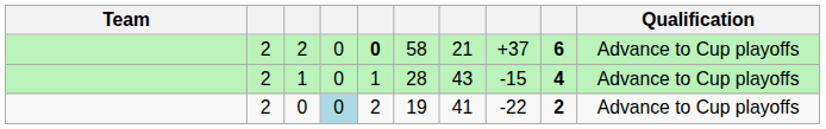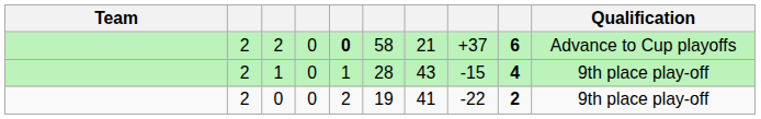 <table class="wikitable" style="text-align:center;">
 <tr>
 <th style="width:12.5em">Team</th>
 <th style="width:1.5em;"></th>
 <th style="width:1.5em;"></th>
 <th style="width:1.5em;"></th>
 <th style="width:1.5em;"></th>
 <th style="width:2.0em;"></th>
 <th style="width:2.0em;"></th>
 <th style="width:2.5em;"></th>
 <th style="width:1.5em;"></th>
 <th style="width:12.5em">Qualification</th>
 </tr>
 <tr bgcolor=#bbf3bb>
 <td align=left></td>
 <td>2</td>
 <td>2</td>
 <td>0</td>
 <td><strong>0</strong></td>
 <td>58</td>
 <td>21</td>
 <td>+37</td>
 <td><strong>6</strong></td>
 <td>Advance to Cup playoffs</td>
 </tr>
 <tr bgcolor=#bbf3bb>
 <td align=left></td>
 <td>2</td>
 <td>1</td>
 <td>0</td>
 <td>1</td>
 <td>28</td>
 <td>43</td>
 <td>-15</td>
 <td><strong>4</strong></td>
-<td>Advance to Cup playoffs</td>
+<td>9th place play-off</td>
 </tr>
 <tr>
 <td align=left></td>
 <td>2</td>
 <td>0</td>
-<td style="background: lightblue;">0</td>
+<td>0</td>
 <td>2</td>
 <td>19</td>
 <td>41</td>
 <td>-22</td>
 <td><strong>2</strong></td>
-<td>Advance to Cup playoffs</td>
+<td>9th place play-off</td>
 </tr>
 </table>
